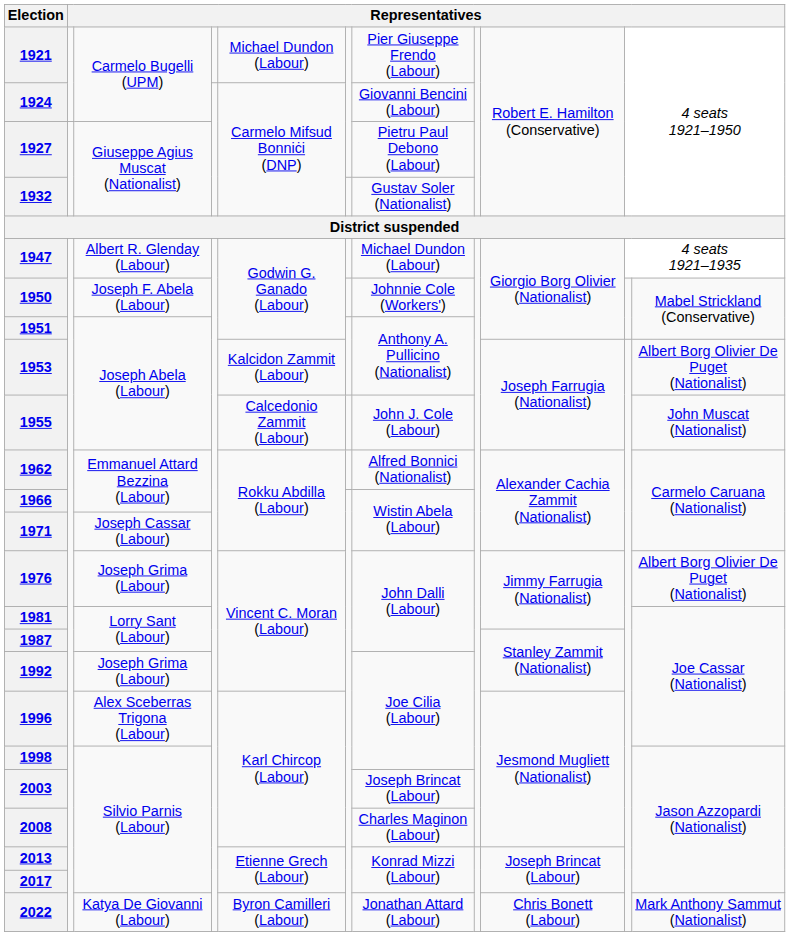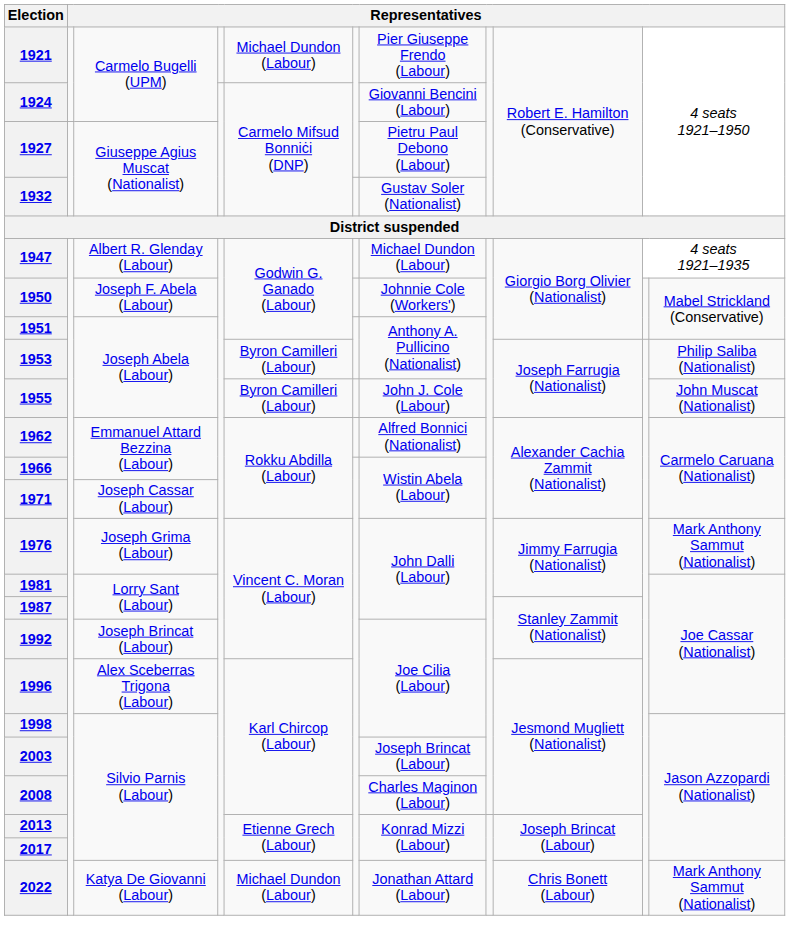 <table class="wikitable" style="text-align:center">
 <tr>
 <th>Election</th>
 <th colspan=10>Representatives</th>
 </tr>
 <tr>
 <th><a href='#'>1921</a></th>
 <td rowspan=2; style="background-color: "></td>
 <td rowspan=2><a href='#'>Carmelo Bugelli</a><br>(<a href='#'>UPM</a>)</td>
 <td rowspan=1; style="background-color: "></td>
 <td rowspan=1><a href='#'>Michael Dundon</a><br>(<a href='#'>Labour</a>)</td>
 <td rowspan=3; style="background-color: "></td>
 <td rowspan=1><a href='#'>Pier Giuseppe Frendo</a><br>(<a href='#'>Labour</a>)</td>
 <td rowspan=4; style="background-color: "></td>
 <td rowspan=4><a href='#'>Robert E. Hamilton</a><br>(Conservative)</td>
 <td style="background-color:#FFFFFF" rowspan=4 colspan=2><em>4 seats<br>1921–1950</em></td>
 </tr>
 <tr>
 <th><a href='#'>1924</a></th>
 <td rowspan=3; style="background-color: "></td>
 <td rowspan=3><a href='#'>Carmelo Mifsud Bonniċi</a><br>(<a href='#'>DNP</a>)</td>
 <td rowspan=1><a href='#'>Giovanni Bencini</a><br>(<a href='#'>Labour</a>)</td>
 </tr>
 <tr>
 <th><a href='#'>1927</a></th>
 <td rowspan=2; style="background-color: "></td>
 <td rowspan=2><a href='#'>Giuseppe Agius Muscat</a><br>(<a href='#'>Nationalist</a>)</td>
 <td rowspan=1><a href='#'>Pietru Paul Debono</a><br>(<a href='#'>Labour</a>)</td>
 </tr>
 <tr>
 <th><a href='#'>1932</a></th>
 <td rowspan=1; style="background-color: "></td>
 <td rowspan=1><a href='#'>Gustav Soler</a><br>(<a href='#'>Nationalist</a>)</td>
 </tr>
 <tr>
 <th colspan=21>District suspended</th>
 </tr>
 <tr>
 <th><a href='#'>1947</a></th>
 <td rowspan=19; style="background-color: "></td>
 <td rowspan=1><a href='#'>Albert R. Glenday</a><br>(<a href='#'>Labour</a>)</td>
 <td rowspan=19; style="background-color: "></td>
 <td rowspan=3><a href='#'>Godwin G. Ganado</a><br>(<a href='#'>Labour</a>)</td>
 <td rowspan=1; style="background-color: "></td>
 <td rowspan=1><a href='#'>Michael Dundon</a><br>(<a href='#'>Labour</a>)</td>
 <td rowspan=16; style="background-color: "></td>
 <td rowspan=3><a href='#'>Giorgio Borg Olivier</a><br>(<a href='#'>Nationalist</a>)</td>
 <td style="background-color:#FFFFFF" rowspan=1 colspan=2><em>4 seats<br>1921–1935</em></td>
 </tr>
 <tr>
 <th><a href='#'>1950</a></th>
 <td rowspan=1><a href='#'>Joseph F. Abela</a><br>(<a href='#'>Labour</a>)</td>
 <td rowspan=1; style="background-color: "></td>
 <td rowspan=1><a href='#'>Johnnie Cole</a><br>(<a href='#'>Workers'</a>)</td>
 <td rowspan=2; style="background-color: "></td>
 <td rowspan=2><a href='#'>Mabel Strickland</a><br>(Conservative)</td>
 </tr>
 <tr>
 <th><a href='#'>1951</a></th>
 <td rowspan=3><a href='#'>Joseph Abela</a><br>(<a href='#'>Labour</a>)</td>
 <td rowspan=2; style="background-color: "></td>
 <td rowspan=2><a href='#'>Anthony A. Pullicino</a><br>(<a href='#'>Nationalist</a>)</td>
 </tr>
 <tr>
 <th><a href='#'>1953</a></th>
-<td rowspan=1><a href='#'>Kalcidon Zammit</a><br>(<a href='#'>Labour</a>)</td>
+<td rowspan=1><a href='#'>Byron Camilleri</a><br>(<a href='#'>Labour</a>)</td>
 <td rowspan=2><a href='#'>Joseph Farrugia</a><br>(<a href='#'>Nationalist</a>)</td>
 <td rowspan=16; style="background-color: "></td>
-<td rowspan=1><a href='#'>Albert Borg Olivier De Puget</a><br>(<a href='#'>Nationalist</a>)</td>
+<td rowspan=1><a href='#'>Philip Saliba</a><br>(<a href='#'>Nationalist</a>)</td>
 </tr>
 <tr>
 <th><a href='#'>1955</a></th>
-<td rowspan=1><a href='#'>Calcedonio Zammit</a><br>(<a href='#'>Labour</a>)</td>
+<td rowspan=1><a href='#'>Byron Camilleri</a><br>(<a href='#'>Labour</a>)</td>
 <td rowspan=1; style="background-color: "></td>
 <td rowspan=1><a href='#'>John J. Cole</a><br>(<a href='#'>Labour</a>)</td>
 <td rowspan=1><a href='#'>John Muscat</a><br>(<a href='#'>Nationalist</a>)</td>
 </tr>
 <tr>
 <th><a href='#'>1962</a></th>
 <td rowspan=2><a href='#'>Emmanuel Attard Bezzina</a><br>(<a href='#'>Labour</a>)</td>
 <td rowspan=3><a href='#'>Rokku Abdilla</a><br>(<a href='#'>Labour</a>)</td>
 <td rowspan=1; style="background-color: "></td>
 <td rowspan=1><a href='#'>Alfred Bonnici</a><br>(<a href='#'>Nationalist</a>)</td>
 <td rowspan=3><a href='#'>Alexander Cachia Zammit</a><br>(<a href='#'>Nationalist</a>)</td>
 <td rowspan=3><a href='#'>Carmelo Caruana</a><br>(<a href='#'>Nationalist</a>)</td>
 </tr>
 <tr>
 <th><a href='#'>1966</a></th>
 <td rowspan=13; style="background-color: "></td>
 <td rowspan=2><a href='#'>Wistin Abela</a><br>(<a href='#'>Labour</a>)</td>
 </tr>
 <tr>
 <th><a href='#'>1971</a></th>
 <td rowspan=1><a href='#'>Joseph Cassar</a><br>(<a href='#'>Labour</a>)</td>
 </tr>
 <tr>
 <th><a href='#'>1976</a></th>
 <td rowspan=1><a href='#'>Joseph Grima</a><br>(<a href='#'>Labour</a>)</td>
 <td rowspan=4><a href='#'>Vincent C. Moran</a><br>(<a href='#'>Labour</a>)</td>
 <td rowspan=3><a href='#'>John Dalli</a><br>(<a href='#'>Labour</a>)</td>
 <td rowspan=2><a href='#'>Jimmy Farrugia</a><br>(<a href='#'>Nationalist</a>)</td>
-<td rowspan=1><a href='#'>Albert Borg Olivier De Puget</a><br>(<a href='#'>Nationalist</a>)</td>
+<td rowspan=1><a href='#'>Mark Anthony Sammut</a><br>(<a href='#'>Nationalist</a>)</td>
 </tr>
 <tr>
 <th><a href='#'>1981</a></th>
 <td rowspan=2><a href='#'>Lorry Sant</a><br>(<a href='#'>Labour</a>)</td>
 <td rowspan=4><a href='#'>Joe Cassar</a><br>(<a href='#'>Nationalist</a>)</td>
 </tr>
 <tr>
 <th><a href='#'>1987</a></th>
 <td rowspan=2><a href='#'>Stanley Zammit</a><br>(<a href='#'>Nationalist</a>)</td>
 </tr>
 <tr>
 <th><a href='#'>1992</a></th>
-<td rowspan=1><a href='#'>Joseph Grima</a><br>(<a href='#'>Labour</a>)</td>
+<td rowspan=1><a href='#'>Joseph Brincat</a><br>(<a href='#'>Labour</a>)</td>
 <td rowspan=3><a href='#'>Joe Cilia</a><br>(<a href='#'>Labour</a>)</td>
 </tr>
 <tr>
 <th><a href='#'>1996</a></th>
 <td rowspan=1><a href='#'>Alex Sceberras Trigona</a><br>(<a href='#'>Labour</a>)</td>
 <td rowspan=4><a href='#'>Karl Chircop</a><br>(<a href='#'>Labour</a>)</td>
 <td rowspan=4><a href='#'>Jesmond Mugliett</a><br>(<a href='#'>Nationalist</a>)</td>
 </tr>
 <tr>
 <th><a href='#'>1998</a></th>
 <td rowspan=5><a href='#'>Silvio Parnis</a><br>(<a href='#'>Labour</a>)</td>
 <td rowspan=5><a href='#'>Jason Azzopardi</a><br>(<a href='#'>Nationalist</a>)</td>
 </tr>
 <tr>
 <th><a href='#'>2003</a></th>
 <td rowspan=1><a href='#'>Joseph Brincat</a><br>(<a href='#'>Labour</a>)</td>
 </tr>
 <tr>
 <th><a href='#'>2008</a></th>
 <td rowspan=1><a href='#'>Charles Maginon</a><br>(<a href='#'>Labour</a>)</td>
 </tr>
 <tr>
 <th><a href='#'>2013</a></th>
 <td rowspan=2><a href='#'>Etienne Grech</a><br>(<a href='#'>Labour</a>)</td>
 <td rowspan=2><a href='#'>Konrad Mizzi</a><br>(<a href='#'>Labour</a>)</td>
 <td rowspan=3; style="background-color: "></td>
 <td rowspan=2><a href='#'>Joseph Brincat</a><br>(<a href='#'>Labour</a>)</td>
 </tr>
 <tr>
 <th><a href='#'>2017</a></th>
 </tr>
 <tr>
 <th><a href='#'>2022</a></th>
 <td rowspan=1><a href='#'>Katya De Giovanni</a><br>(<a href='#'>Labour</a>)</td>
-<td rowspan=1><a href='#'>Byron Camilleri</a><br>(<a href='#'>Labour</a>)</td>
+<td rowspan=1><a href='#'>Michael Dundon</a><br>(<a href='#'>Labour</a>)</td>
 <td rowspan=1><a href='#'>Jonathan Attard</a><br>(<a href='#'>Labour</a>)</td>
 <td rowspan=1><a href='#'>Chris Bonett</a><br>(<a href='#'>Labour</a>)</td>
 <td rowspan=1><a href='#'>Mark Anthony Sammut</a><br>(<a href='#'>Nationalist</a>)</td>
 </tr>
 </table>
